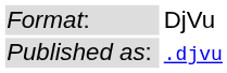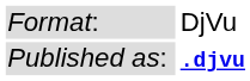 <table style="text-align:left;">
 <tr>
 <td style="background:#ddd; width:100px;"><em>Format</em>:</td>
 <td>DjVu</td>
 </tr>
 <tr>
 <td style="background:#ddd;"><em>Published as</em>:</td>
-<td><code><a href='#'>.djvu</a></code></td>
+<td><strong><code><a href='#'>.djvu</a></code></strong></td>
 </tr>
 </table>
